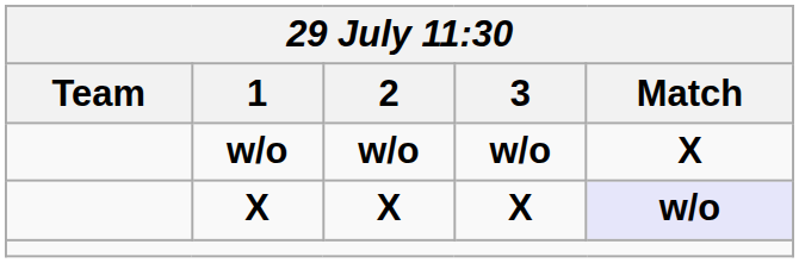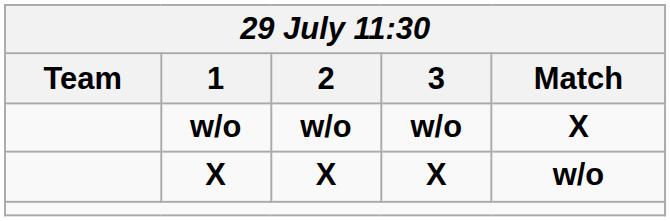 <table class=wikitable style="text-align:center; width: 55%">
 <tr>
 <th colspan=10><em>29 July 11:30</em></th>
 </tr>
 <tr>
 <th>Team</th>
 <th>1</th>
 <th>2</th>
 <th>3</th>
 <th>Match</th>
 </tr>
 <tr>
 <td align=left><strong><br></strong></td>
 <td><strong>w/o</strong></td>
 <td><strong>w/o</strong></td>
 <td><strong>w/o</strong></td>
 <td><strong>X</strong></td>
 </tr>
 <tr>
 <td align=left><br></td>
 <td><strong>X</strong></td>
 <td><strong>X</strong></td>
 <td><strong>X</strong></td>
-<td style="background: lavender;"><strong>w/o</strong></td>
+<td><strong>w/o</strong></td>
 </tr>
 <tr>
 <td colspan=10></td>
 </tr>
 </table>
